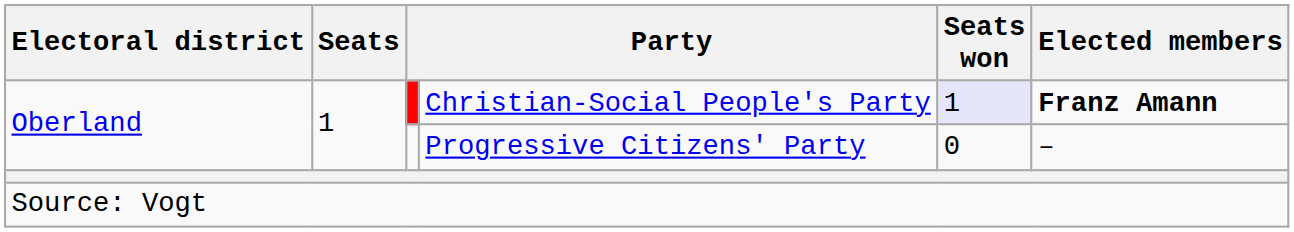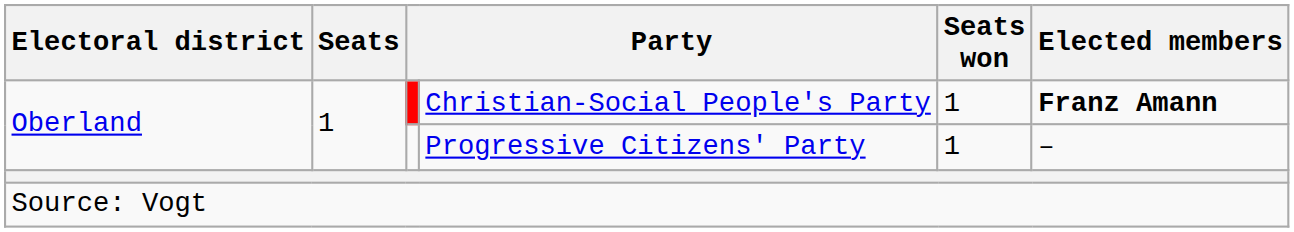 <table class="wikitable">
 <tr>
 <th>Electoral district</th>
 <th>Seats</th>
 <th colspan="2">Party</th>
 <th>Seats<br>won</th>
 <th>Elected members</th>
 </tr>
 <tr>
 <td rowspan="2"><a href='#'>Oberland</a></td>
 <td rowspan="2">1</td>
 <td style="color:inherit;background:#FF0000"></td>
 <td><a href='#'>Christian-Social People's Party</a></td>
-<td style="background: lavender;">1</td>
+<td>1</td>
 <td><strong>Franz Amann</strong></td>
 </tr>
 <tr>
 <td></td>
 <td><a href='#'>Progressive Citizens' Party</a></td>
-<td>0</td>
+<td>1</td>
 <td>–</td>
 </tr>
 <tr>
 <th colspan="6"></th>
 </tr>
 <tr>
 <td colspan="6">Source: Vogt</td>
 </tr>
 </table>
